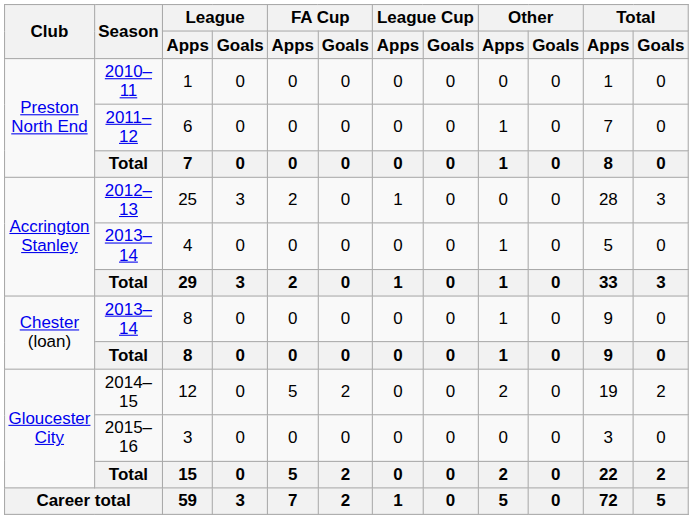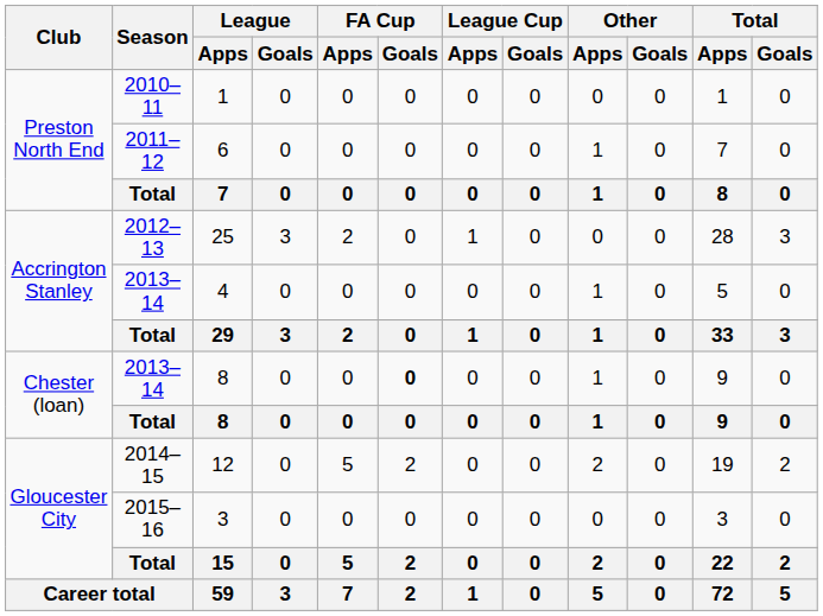 <table class="wikitable" style="text-align: center;">
 <tr>
 <th rowspan="2">Club</th>
 <th rowspan="2">Season</th>
 <th colspan="2">League</th>
 <th colspan="2">FA Cup</th>
 <th colspan="2">League Cup</th>
 <th colspan="2">Other</th>
 <th colspan="2">Total</th>
 </tr>
 <tr>
 <th>Apps</th>
 <th>Goals</th>
 <th>Apps</th>
 <th>Goals</th>
 <th>Apps</th>
 <th>Goals</th>
 <th>Apps</th>
 <th>Goals</th>
 <th>Apps</th>
 <th>Goals</th>
 </tr>
 <tr>
 <td rowspan="3" valign="center"><a href='#'>Preston North End</a></td>
 <td><a href='#'>2010–11</a></td>
 <td>1</td>
 <td>0</td>
 <td>0</td>
 <td>0</td>
 <td>0</td>
 <td>0</td>
 <td>0</td>
 <td>0</td>
 <td>1</td>
 <td>0</td>
 </tr>
 <tr>
 <td><a href='#'>2011–12</a></td>
 <td>6</td>
 <td>0</td>
 <td>0</td>
 <td>0</td>
 <td>0</td>
 <td>0</td>
 <td>1</td>
 <td>0</td>
 <td>7</td>
 <td>0</td>
 </tr>
 <tr>
 <th>Total</th>
 <th>7</th>
 <th>0</th>
 <th>0</th>
 <th>0</th>
 <th>0</th>
 <th>0</th>
 <th>1</th>
 <th>0</th>
 <th>8</th>
 <th>0</th>
 </tr>
 <tr>
 <td rowspan="3" valign="center"><a href='#'>Accrington Stanley</a></td>
 <td><a href='#'>2012–13</a></td>
 <td>25</td>
 <td>3</td>
 <td>2</td>
 <td>0</td>
 <td>1</td>
 <td>0</td>
 <td>0</td>
 <td>0</td>
 <td>28</td>
 <td>3</td>
 </tr>
 <tr>
 <td><a href='#'>2013–14</a></td>
 <td>4</td>
 <td>0</td>
 <td>0</td>
 <td>0</td>
 <td>0</td>
 <td>0</td>
 <td>1</td>
 <td>0</td>
 <td>5</td>
 <td>0</td>
 </tr>
 <tr>
 <th>Total</th>
 <th>29</th>
 <th>3</th>
 <th>2</th>
 <th>0</th>
 <th>1</th>
 <th>0</th>
 <th>1</th>
 <th>0</th>
 <th>33</th>
 <th>3</th>
 </tr>
 <tr>
 <td rowspan="2" valign="center"><a href='#'>Chester</a> (loan)</td>
 <td><a href='#'>2013–14</a></td>
 <td>8</td>
 <td>0</td>
 <td>0</td>
-<td>0</td>
+<td><strong>0</strong></td>
 <td>0</td>
 <td>0</td>
 <td>1</td>
 <td>0</td>
 <td>9</td>
 <td>0</td>
 </tr>
 <tr>
 <th>Total</th>
 <th>8</th>
 <th>0</th>
 <th>0</th>
 <th>0</th>
 <th>0</th>
 <th>0</th>
 <th>1</th>
 <th>0</th>
 <th>9</th>
 <th>0</th>
 </tr>
 <tr>
 <td rowspan="3" valign="center"><a href='#'>Gloucester City</a></td>
 <td>2014–15</td>
 <td>12</td>
 <td>0</td>
 <td>5</td>
 <td>2</td>
 <td>0</td>
 <td>0</td>
 <td>2</td>
 <td>0</td>
 <td>19</td>
 <td>2</td>
 </tr>
 <tr>
 <td>2015–16</td>
 <td>3</td>
 <td>0</td>
 <td>0</td>
 <td>0</td>
 <td>0</td>
 <td>0</td>
 <td>0</td>
 <td>0</td>
 <td>3</td>
 <td>0</td>
 </tr>
 <tr>
 <th>Total</th>
 <th>15</th>
 <th>0</th>
 <th>5</th>
 <th>2</th>
 <th>0</th>
 <th>0</th>
 <th>2</th>
 <th>0</th>
 <th>22</th>
 <th>2</th>
 </tr>
 <tr>
 <th colspan="2">Career total</th>
 <th>59</th>
 <th>3</th>
 <th>7</th>
 <th>2</th>
 <th>1</th>
 <th>0</th>
 <th>5</th>
 <th>0</th>
 <th>72</th>
 <th>5</th>
 </tr>
 </table>
